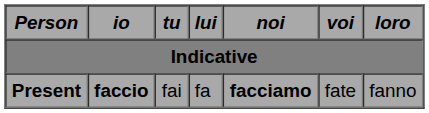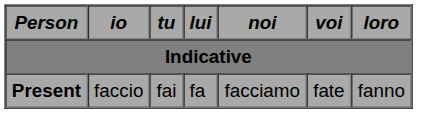 <table border="1" cellpadding="4" cellspacing="0" style="background: darkgray; font-size: 90%;">
 <tr>
 <th><em>Person</em></th>
 <th><em>io</em></th>
 <th><em>tu</em></th>
 <th><em>lui</em></th>
 <th><em>noi</em></th>
 <th><em>voi</em></th>
 <th><em>loro</em></th>
 </tr>
 <tr>
 <th style="background:gray" colspan="7">Indicative</th>
 </tr>
 <tr>
 <td><strong>Present</strong></td>
-<td><strong>faccio</strong></td>
+<td>faccio</td>
 <td>fai</td>
 <td>fa</td>
-<td><strong>facciamo</strong></td>
+<td>facciamo</td>
 <td>fate</td>
 <td>fanno</td>
 </tr>
 <tr>
 </tr>
 </table>
